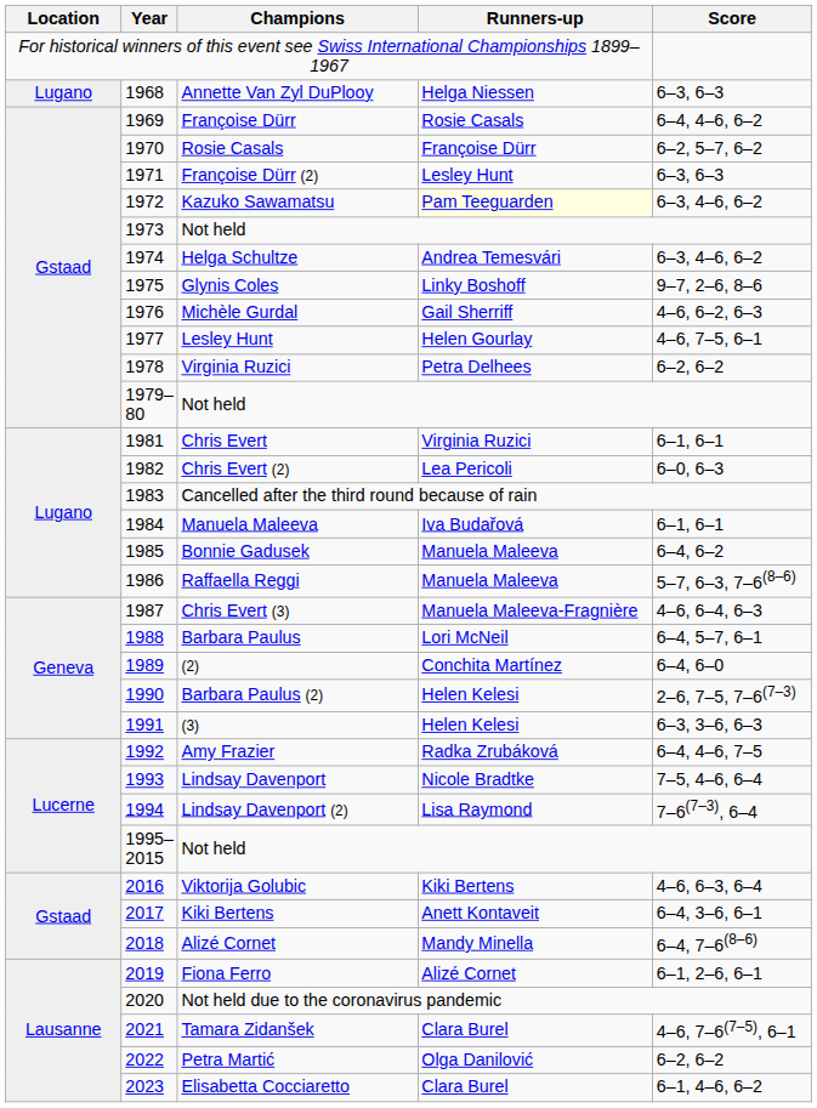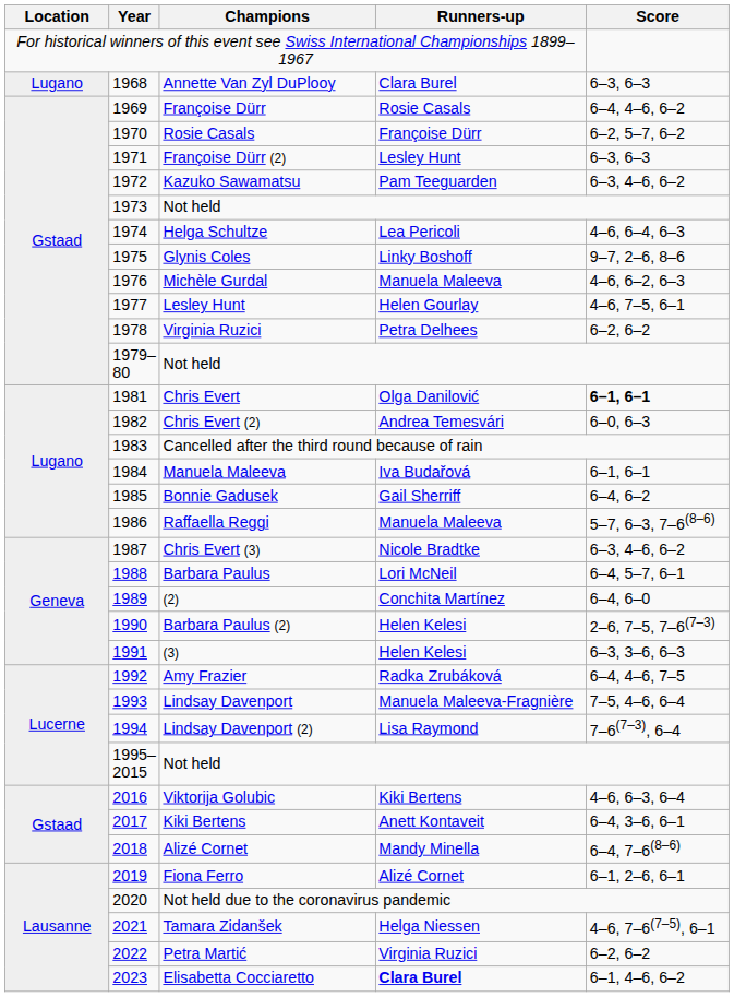 <table class="wikitable">
 <tr>
 <th style="width:100px">Location</th>
 <th style="width:40px">Year</th>
 <th style="width:215px">Champions</th>
 <th style="width:210px">Runners-up</th>
 <th style="width:140px" class="unsortable">Score</th>
 </tr>
 <tr>
 <td colspan="4" style="text-align:center"><em>For historical winners of this event see <a href='#'>Swiss International Championships</a> 1899–1967</em></td>
 </tr>
 <tr>
 <td align=center rowspan="1" style="background:#efefef"><a href='#'>Lugano</a></td>
 <td>1968</td>
 <td> <a href='#'>Annette Van Zyl DuPlooy</a></td>
-<td> <a href='#'>Helga Niessen</a></td>
+<td> <a href='#'>Clara Burel</a></td>
 <td>6–3, 6–3</td>
 </tr>
 <tr>
 <td align=center rowspan="11" style="background:#efefef"><a href='#'>Gstaad</a></td>
 <td>1969</td>
 <td> <a href='#'>Françoise Dürr</a></td>
 <td> <a href='#'>Rosie Casals</a></td>
 <td>6–4, 4–6, 6–2</td>
 </tr>
 <tr>
 <td>1970</td>
 <td> <a href='#'>Rosie Casals</a></td>
 <td> <a href='#'>Françoise Dürr</a></td>
 <td>6–2, 5–7, 6–2</td>
 </tr>
 <tr>
 <td>1971</td>
 <td> <a href='#'>Françoise Dürr</a> <small>(2)</small></td>
 <td> <a href='#'>Lesley Hunt</a></td>
 <td>6–3, 6–3</td>
 </tr>
 <tr>
 <td>1972</td>
 <td> <a href='#'>Kazuko Sawamatsu</a></td>
-<td style="background: lightyellow;"> <a href='#'>Pam Teeguarden</a></td>
+<td> <a href='#'>Pam Teeguarden</a></td>
 <td>6–3, 4–6, 6–2</td>
 </tr>
 <tr>
 <td>1973</td>
 <td colspan=3>Not held</td>
 </tr>
 <tr>
 <td>1974</td>
 <td> <a href='#'>Helga Schultze</a></td>
-<td> <a href='#'>Andrea Temesvári</a></td>
-<td>6–3, 4–6, 6–2</td>
+<td> <a href='#'>Lea Pericoli</a></td>
+<td>4–6, 6–4, 6–3</td>
 </tr>
 <tr>
 <td>1975</td>
 <td> <a href='#'>Glynis Coles</a></td>
 <td> <a href='#'>Linky Boshoff</a></td>
 <td>9–7, 2–6, 8–6</td>
 </tr>
 <tr>
 <td>1976</td>
 <td> <a href='#'>Michèle Gurdal</a></td>
-<td> <a href='#'>Gail Sherriff</a></td>
+<td> <a href='#'>Manuela Maleeva</a></td>
 <td>4–6, 6–2, 6–3</td>
 </tr>
 <tr>
 <td>1977</td>
 <td> <a href='#'>Lesley Hunt</a></td>
 <td> <a href='#'>Helen Gourlay</a></td>
 <td>4–6, 7–5, 6–1</td>
 </tr>
 <tr>
 <td>1978</td>
 <td> <a href='#'>Virginia Ruzici</a></td>
 <td> <a href='#'>Petra Delhees</a></td>
 <td>6–2, 6–2</td>
 </tr>
 <tr>
 <td>1979–80</td>
 <td colspan=3>Not held</td>
 </tr>
 <tr>
 <td align=center rowspan=6 style="background:#efefef"><a href='#'>Lugano</a></td>
 <td>1981</td>
 <td> <a href='#'>Chris Evert</a></td>
-<td> <a href='#'>Virginia Ruzici</a></td>
-<td>6–1, 6–1</td>
+<td> <a href='#'>Olga Danilović</a></td>
+<td><strong>6–1, 6–1</strong></td>
 </tr>
 <tr>
 <td>1982</td>
 <td> <a href='#'>Chris Evert</a> <small>(2)</small></td>
-<td> <a href='#'>Lea Pericoli</a></td>
+<td> <a href='#'>Andrea Temesvári</a></td>
 <td>6–0, 6–3</td>
 </tr>
 <tr>
 <td>1983</td>
 <td colspan="3">Cancelled after the third round because of rain</td>
 </tr>
 <tr>
 <td>1984</td>
 <td> <a href='#'>Manuela Maleeva</a></td>
 <td> <a href='#'>Iva Budařová</a></td>
 <td>6–1, 6–1</td>
 </tr>
 <tr>
 <td>1985</td>
 <td> <a href='#'>Bonnie Gadusek</a></td>
-<td> <a href='#'>Manuela Maleeva</a></td>
+<td> <a href='#'>Gail Sherriff</a></td>
 <td>6–4, 6–2</td>
 </tr>
 <tr>
 <td>1986</td>
 <td> <a href='#'>Raffaella Reggi</a></td>
 <td> <a href='#'>Manuela Maleeva</a></td>
 <td>5–7, 6–3, 7–6<sup>(8–6)</sup></td>
 </tr>
 <tr>
 <td align=center rowspan="5" style="background:#efefef"><a href='#'>Geneva</a></td>
 <td>1987</td>
 <td> <a href='#'>Chris Evert</a> <small>(3)</small></td>
-<td> <a href='#'>Manuela Maleeva-Fragnière</a></td>
-<td>4–6, 6–4, 6–3</td>
+<td> <a href='#'>Nicole Bradtke</a></td>
+<td>6–3, 4–6, 6–2</td>
 </tr>
 <tr>
 <td><a href='#'>1988</a></td>
 <td> <a href='#'>Barbara Paulus</a></td>
 <td> <a href='#'>Lori McNeil</a></td>
 <td>6–4, 5–7, 6–1</td>
 </tr>
 <tr>
 <td><a href='#'>1989</a></td>
 <td> <small>(2)</small></td>
 <td> <a href='#'>Conchita Martínez</a></td>
 <td>6–4, 6–0</td>
 </tr>
 <tr>
 <td><a href='#'>1990</a></td>
 <td> <a href='#'>Barbara Paulus</a> <small>(2)</small></td>
 <td> <a href='#'>Helen Kelesi</a></td>
 <td>2–6, 7–5, 7–6<sup>(7–3)</sup></td>
 </tr>
 <tr>
 <td><a href='#'>1991</a></td>
 <td> <small>(3)</small></td>
 <td> <a href='#'>Helen Kelesi</a></td>
 <td>6–3, 3–6, 6–3</td>
 </tr>
 <tr>
 <td align=center rowspan="4" style="background:#efefef"><a href='#'>Lucerne</a></td>
 <td><a href='#'>1992</a></td>
 <td> <a href='#'>Amy Frazier</a></td>
 <td> <a href='#'>Radka Zrubáková</a></td>
 <td>6–4, 4–6, 7–5</td>
 </tr>
 <tr>
 <td><a href='#'>1993</a></td>
 <td> <a href='#'>Lindsay Davenport</a></td>
-<td> <a href='#'>Nicole Bradtke</a></td>
+<td> <a href='#'>Manuela Maleeva-Fragnière</a></td>
 <td>7–5, 4–6, 6–4</td>
 </tr>
 <tr>
 <td><a href='#'>1994</a></td>
 <td> <a href='#'>Lindsay Davenport</a> <small>(2)</small></td>
 <td> <a href='#'>Lisa Raymond</a></td>
 <td>7–6<sup>(7–3)</sup>, 6–4</td>
 </tr>
 <tr>
 <td>1995–2015</td>
 <td colspan=3>Not held</td>
 </tr>
 <tr>
 <td align=center rowspan="3" style="background:#efefef"><a href='#'>Gstaad</a></td>
 <td><a href='#'>2016</a></td>
 <td> <a href='#'>Viktorija Golubic</a></td>
 <td> <a href='#'>Kiki Bertens</a></td>
 <td>4–6, 6–3, 6–4</td>
 </tr>
 <tr>
 <td><a href='#'>2017</a></td>
 <td> <a href='#'>Kiki Bertens</a></td>
 <td> <a href='#'>Anett Kontaveit</a></td>
 <td>6–4, 3–6, 6–1</td>
 </tr>
 <tr>
 <td><a href='#'>2018</a></td>
 <td> <a href='#'>Alizé Cornet</a></td>
 <td> <a href='#'>Mandy Minella</a></td>
 <td>6–4, 7–6<sup>(8–6)</sup></td>
 </tr>
 <tr>
 <td align=center rowspan="5" style="background:#efefef"><a href='#'>Lausanne</a></td>
 <td><a href='#'>2019</a></td>
 <td> <a href='#'>Fiona Ferro</a></td>
 <td> <a href='#'>Alizé Cornet</a></td>
 <td>6–1, 2–6, 6–1</td>
 </tr>
 <tr>
 <td>2020</td>
 <td colspan="3">Not held due to the coronavirus pandemic</td>
 </tr>
 <tr>
 <td><a href='#'>2021</a></td>
 <td> <a href='#'>Tamara Zidanšek</a></td>
-<td> <a href='#'>Clara Burel</a></td>
+<td> <a href='#'>Helga Niessen</a></td>
 <td>4–6, 7–6<sup>(7–5)</sup>, 6–1</td>
 </tr>
 <tr>
 <td><a href='#'>2022</a></td>
 <td> <a href='#'>Petra Martić</a></td>
-<td> <a href='#'>Olga Danilović</a></td>
+<td> <a href='#'>Virginia Ruzici</a></td>
 <td>6–2, 6–2</td>
 </tr>
 <tr>
 <td><a href='#'>2023</a></td>
 <td> <a href='#'>Elisabetta Cocciaretto</a></td>
-<td> <a href='#'>Clara Burel</a></td>
+<td><strong> <a href='#'>Clara Burel</a></strong></td>
 <td>6–1, 4–6, 6–2</td>
 </tr>
 </table>
